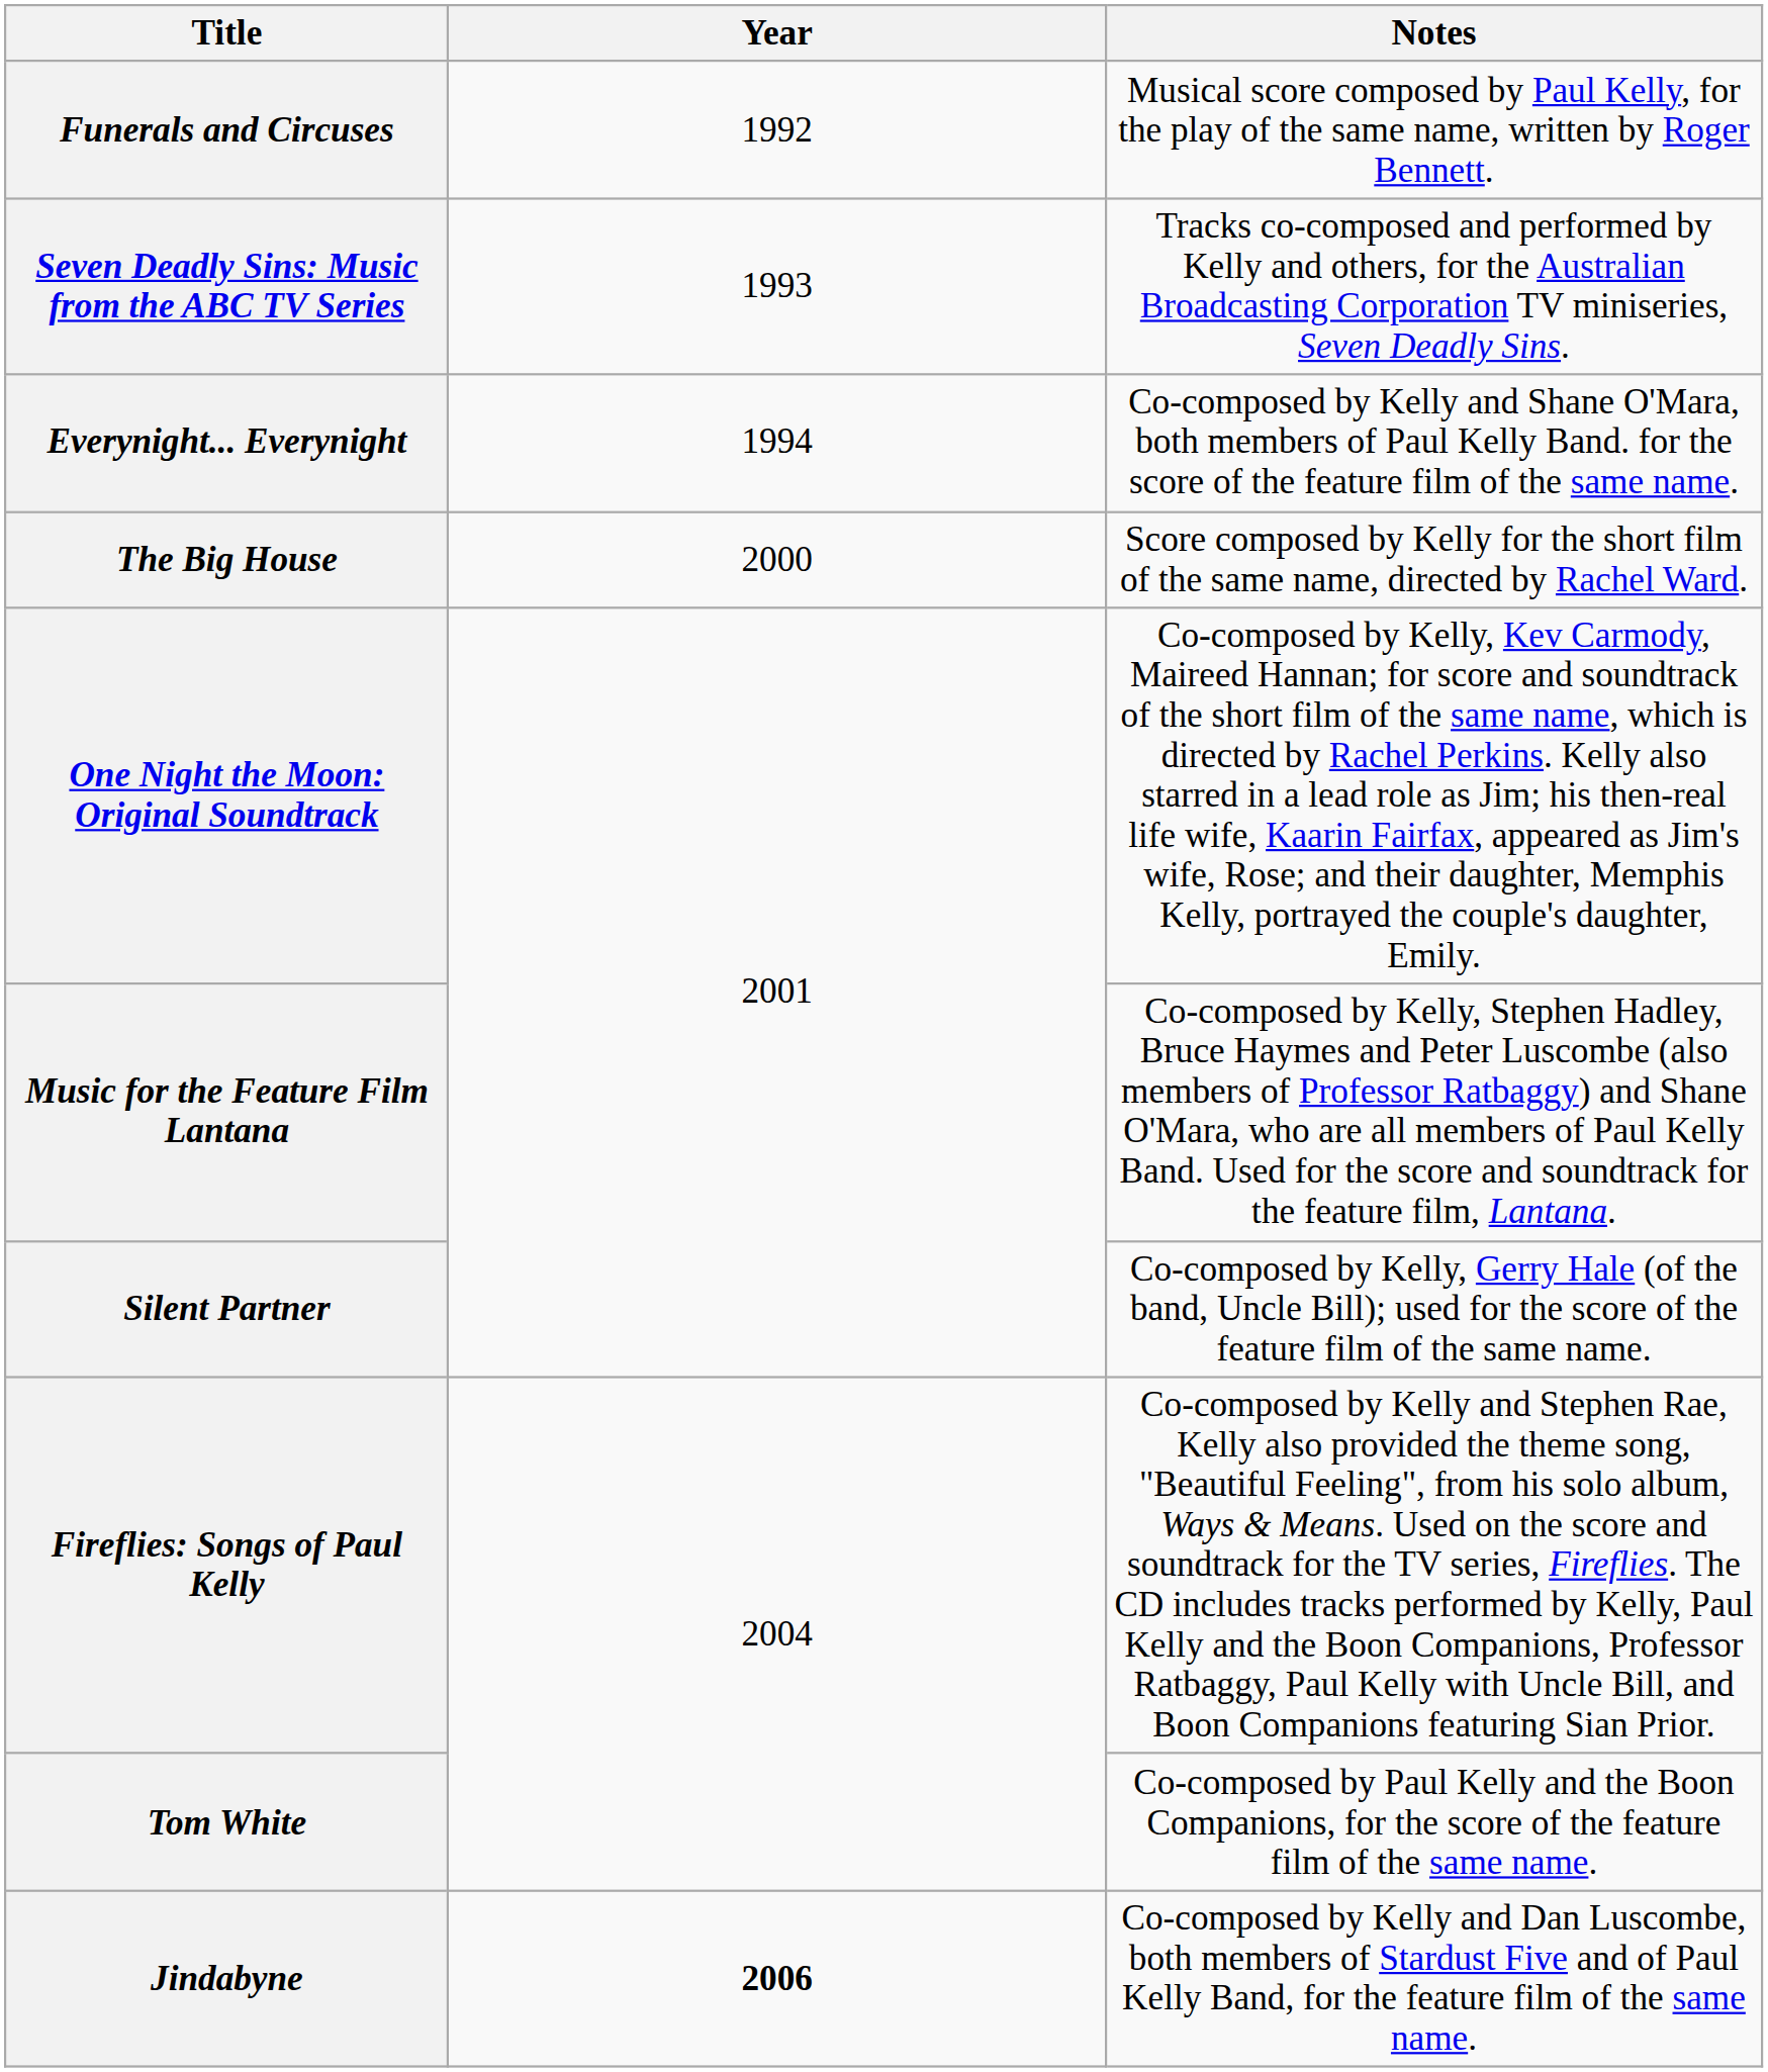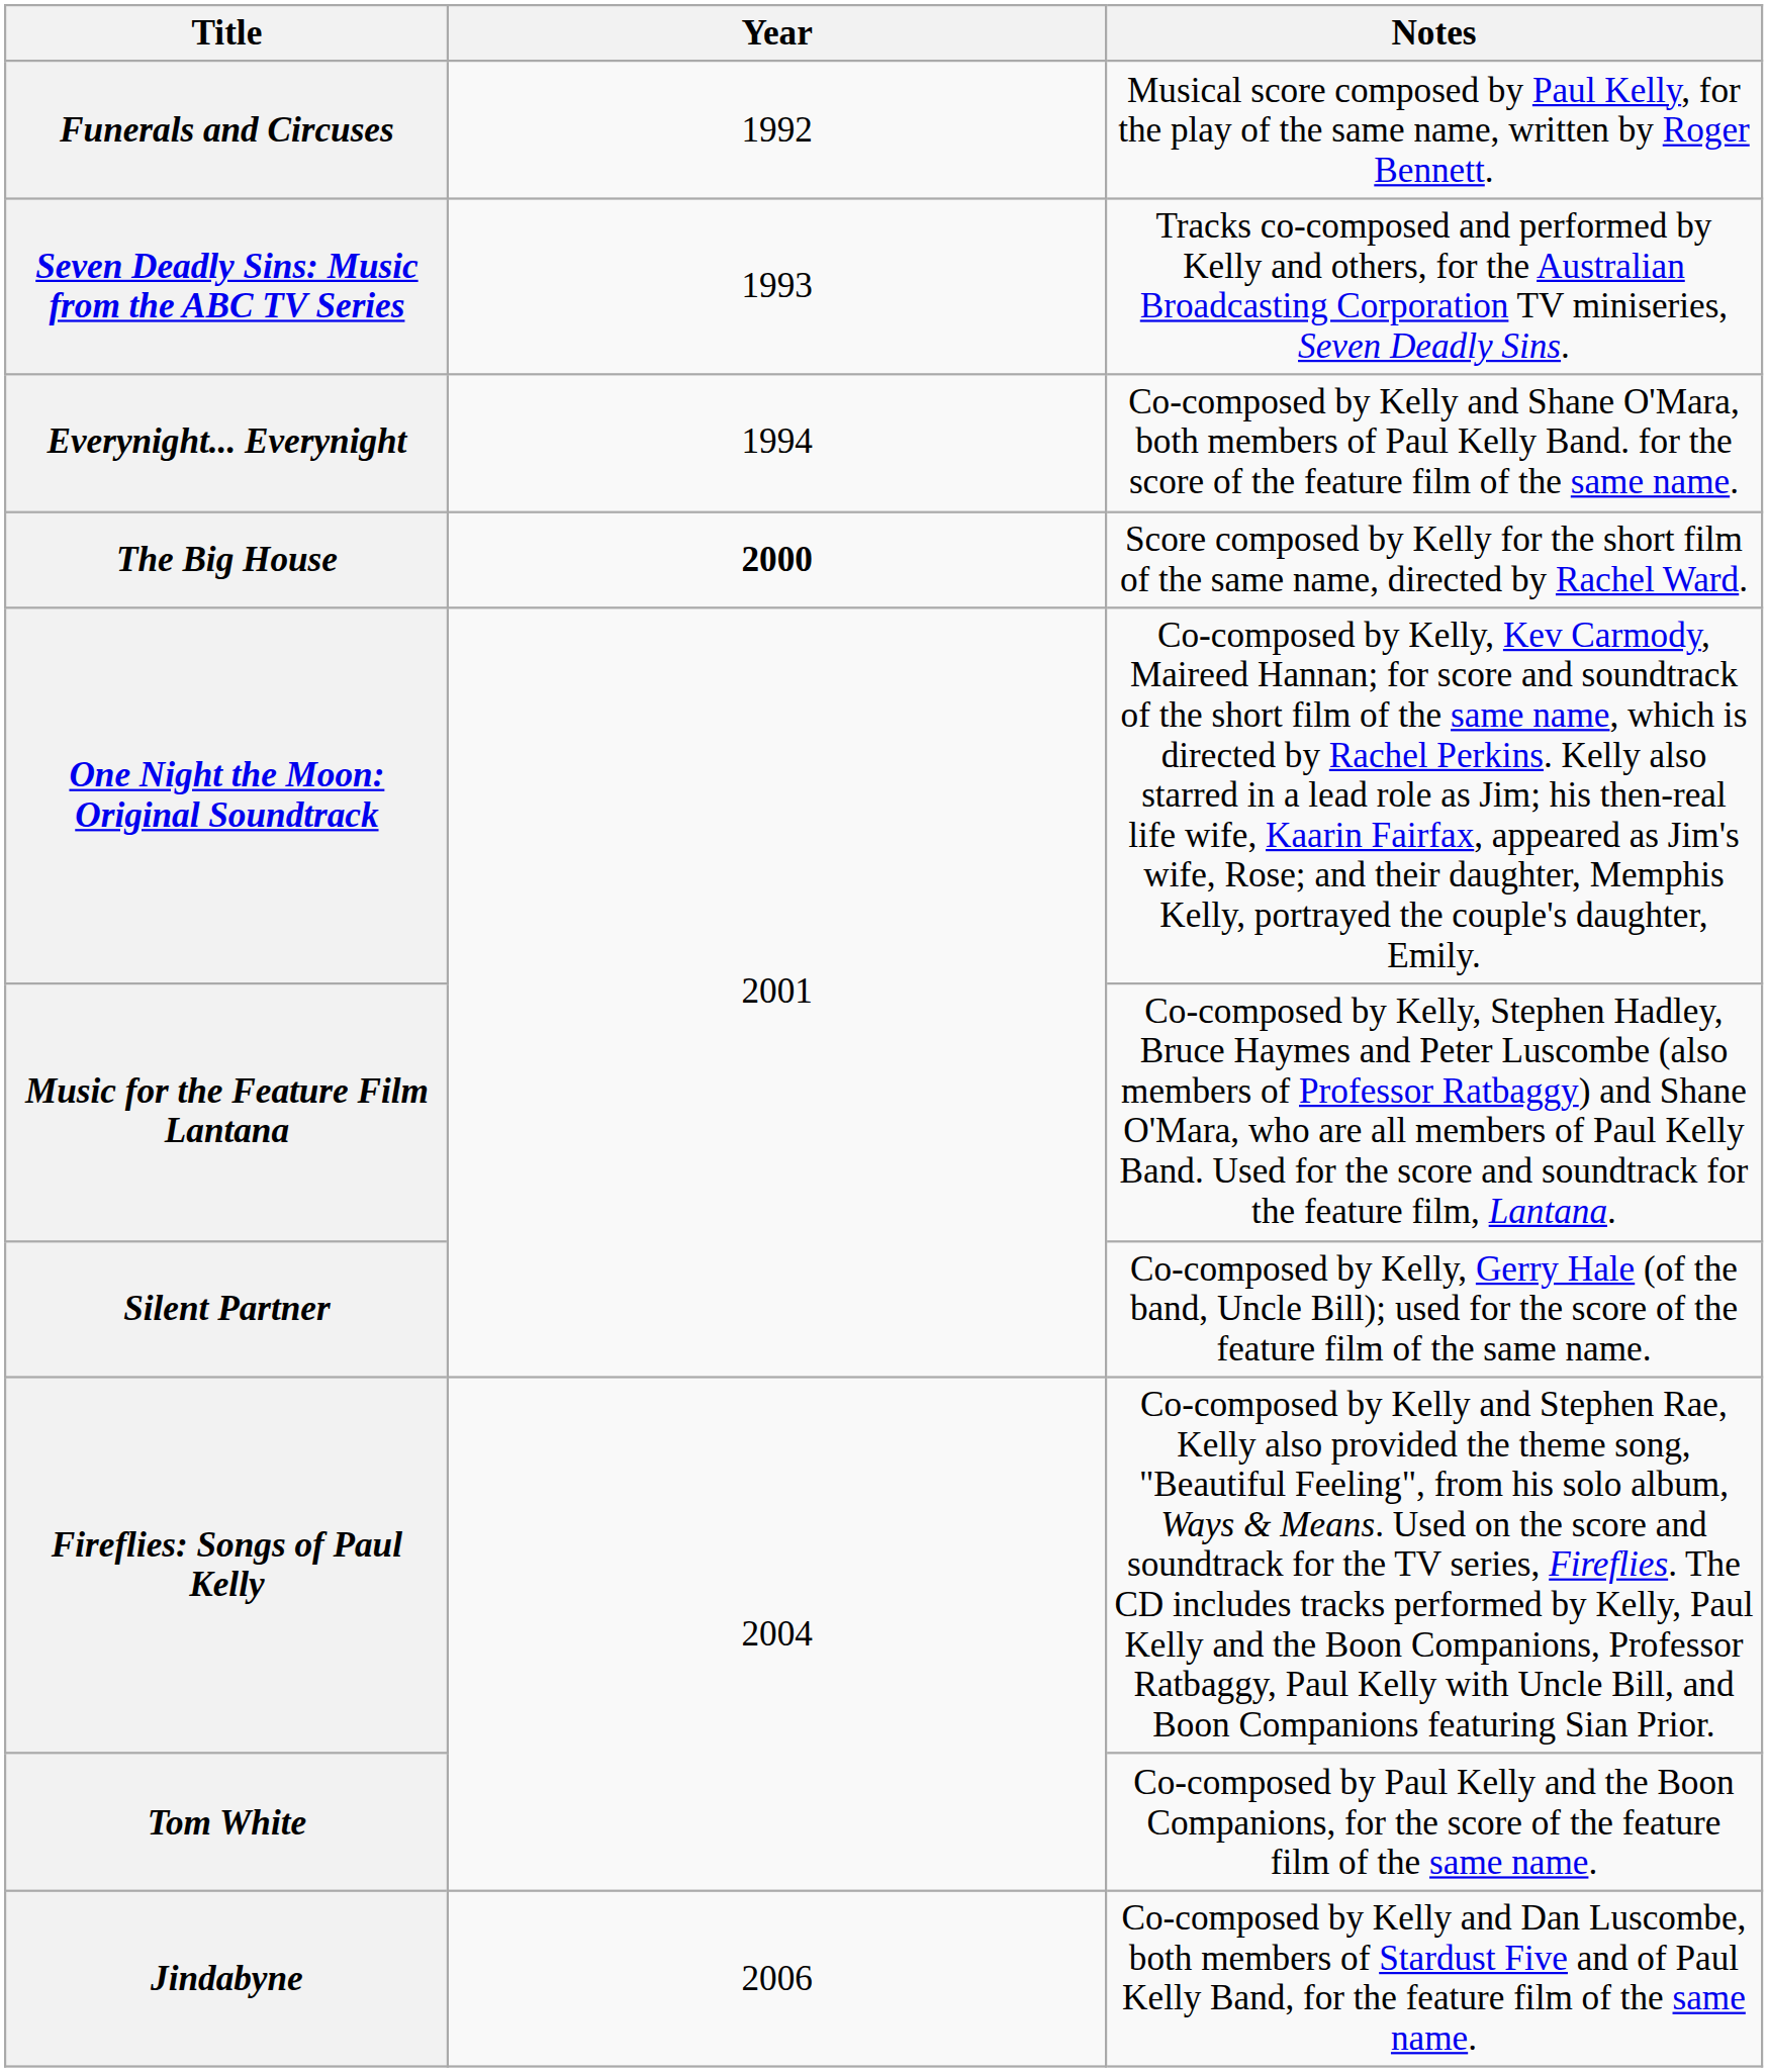 <table class="wikitable plainrowheaders" style="text-align:center;">
 <tr>
 <th scope="col" rowspan="1" style="width:12em;">Title</th>
 <th scope="col" rowspan="1" style="width:18em;">Year</th>
 <th scope="col" rowspan="1" style="width:18em;">Notes</th>
 </tr>
 <tr>
 <th scope="row"><em>Funerals and Circuses</em></th>
 <td>1992</td>
 <td>Musical score composed by <a href='#'>Paul Kelly</a>, for the play of the same name, written by <a href='#'>Roger Bennett</a>.</td>
 </tr>
 <tr>
 <th scope="row"><em><a href='#'>Seven Deadly Sins: Music from the ABC TV Series</a> </em></th>
 <td>1993</td>
 <td>Tracks co-composed and performed by Kelly and others, for the <a href='#'>Australian Broadcasting Corporation</a> TV miniseries, <em><a href='#'>Seven Deadly Sins</a></em>.</td>
 </tr>
 <tr>
 <th scope="row"><em>Everynight... Everynight</em></th>
 <td style="text-align:center;">1994</td>
 <td>Co-composed by Kelly and Shane O'Mara, both members of Paul Kelly Band. for the score of the feature film of the <a href='#'>same name</a>.</td>
 </tr>
 <tr>
 <th scope="row"><em>The Big House</em></th>
-<td>2000</td>
+<td><strong>2000</strong></td>
 <td>Score composed by Kelly for the short film of the same name, directed by <a href='#'>Rachel Ward</a>.</td>
 </tr>
 <tr>
 <th scope="row"><em><a href='#'>One Night the Moon: Original Soundtrack</a></em></th>
 <td rowspan="3">2001</td>
 <td>Co-composed by Kelly, <a href='#'>Kev Carmody</a>, Maireed Hannan; for score and soundtrack of the short film of the <a href='#'>same name</a>, which is directed by <a href='#'>Rachel Perkins</a>. Kelly also starred in a lead role as Jim; his then-real life wife, <a href='#'>Kaarin Fairfax</a>, appeared as Jim's wife, Rose; and their daughter, Memphis Kelly, portrayed the couple's daughter, Emily.</td>
 </tr>
 <tr>
 <th scope="row"><em>Music for the Feature Film Lantana</em></th>
 <td>Co-composed by Kelly, Stephen Hadley, Bruce Haymes and Peter Luscombe (also members of <a href='#'>Professor Ratbaggy</a>) and Shane O'Mara, who are all members of Paul Kelly Band. Used for the score and soundtrack for the feature film, <em><a href='#'>Lantana</a></em>.</td>
 </tr>
 <tr>
 <th scope="row"><em>Silent Partner</em></th>
 <td>Co-composed by Kelly, <a href='#'>Gerry Hale</a> (of the band, Uncle Bill); used for the score of the feature film of the same name.</td>
 </tr>
 <tr>
 <th scope="row"><em>Fireflies: Songs of Paul Kelly</em></th>
 <td rowspan="2">2004</td>
 <td>Co-composed by Kelly and Stephen Rae, Kelly also provided the theme song, "Beautiful Feeling", from his solo album, <em>Ways & Means</em>. Used on the score and soundtrack for the TV series, <em><a href='#'>Fireflies</a></em>. The CD includes tracks performed by Kelly, Paul Kelly and the Boon Companions, Professor Ratbaggy, Paul Kelly with Uncle Bill, and Boon Companions featuring Sian Prior.</td>
 </tr>
 <tr>
 <th scope="row"><em>Tom White</em></th>
 <td>Co-composed by Paul Kelly and the Boon Companions, for the score of the feature film of the <a href='#'>same name</a>.</td>
 </tr>
 <tr>
 <th scope="row"><em>Jindabyne</em></th>
-<td><strong>2006</strong></td>
+<td>2006</td>
 <td>Co-composed by Kelly and Dan Luscombe, both members of <a href='#'>Stardust Five</a> and of Paul Kelly Band, for the feature film of the <a href='#'>same name</a>.</td>
 </tr>
 </table>
